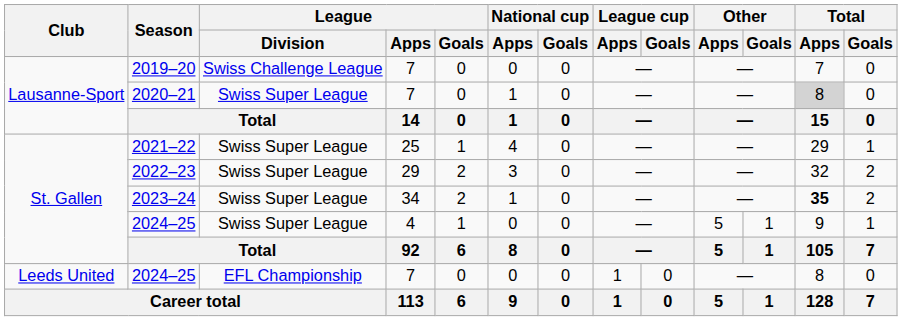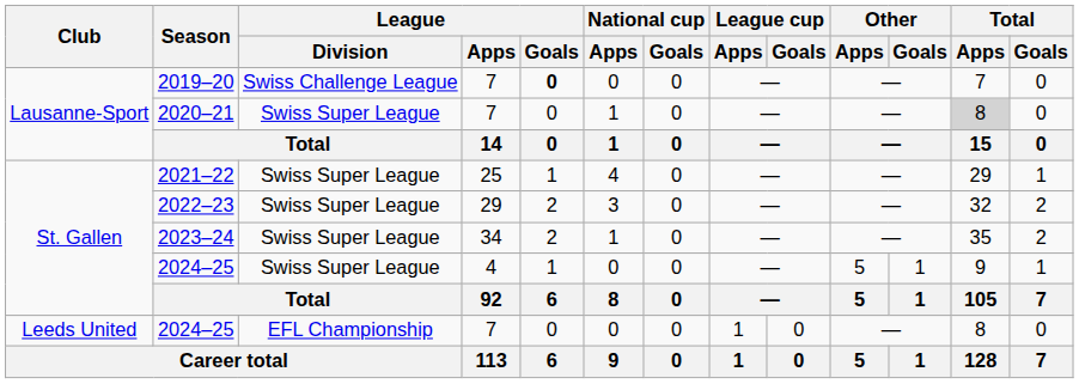 <table class="wikitable" style="text-align: center;">
 <tr>
 <th rowspan="2">Club</th>
 <th rowspan="2">Season</th>
 <th colspan="3">League</th>
 <th colspan="2">National cup</th>
 <th colspan="2">League cup</th>
 <th colspan="2">Other</th>
 <th colspan="2">Total</th>
 </tr>
 <tr>
 <th>Division</th>
 <th>Apps</th>
 <th>Goals</th>
 <th>Apps</th>
 <th>Goals</th>
 <th>Apps</th>
 <th>Goals</th>
 <th>Apps</th>
 <th>Goals</th>
 <th>Apps</th>
 <th>Goals</th>
 </tr>
 <tr>
 <td rowspan="3"><a href='#'>Lausanne-Sport</a></td>
 <td><a href='#'>2019–20</a></td>
 <td><a href='#'>Swiss Challenge League</a></td>
 <td>7</td>
-<td>0</td>
+<td><strong>0</strong></td>
 <td>0</td>
 <td>0</td>
 <td colspan="2">—</td>
 <td colspan="2">—</td>
 <td>7</td>
 <td>0</td>
 </tr>
 <tr>
 <td><a href='#'>2020–21</a></td>
 <td><a href='#'>Swiss Super League</a></td>
 <td>7</td>
 <td>0</td>
 <td>1</td>
 <td>0</td>
 <td colspan="2">—</td>
 <td colspan="2">—</td>
 <td style="background: lightgrey;">8</td>
 <td>0</td>
 </tr>
 <tr>
 <th colspan="2">Total</th>
 <th>14</th>
 <th>0</th>
 <th>1</th>
 <th>0</th>
 <th colspan="2">—</th>
 <th colspan="2">—</th>
 <th>15</th>
 <th>0</th>
 </tr>
 <tr>
 <td rowspan=5><a href='#'>St. Gallen</a></td>
 <td><a href='#'>2021–22</a></td>
 <td>Swiss Super League</td>
 <td>25</td>
 <td>1</td>
 <td>4</td>
 <td>0</td>
 <td colspan="2">—</td>
 <td colspan="2">—</td>
 <td>29</td>
 <td>1</td>
 </tr>
 <tr>
 <td><a href='#'>2022–23</a></td>
 <td>Swiss Super League</td>
 <td>29</td>
 <td>2</td>
 <td>3</td>
 <td>0</td>
 <td colspan="2">—</td>
 <td colspan="2">—</td>
 <td>32</td>
 <td>2</td>
 </tr>
 <tr>
 <td><a href='#'>2023–24</a></td>
 <td>Swiss Super League</td>
 <td>34</td>
 <td>2</td>
 <td>1</td>
 <td>0</td>
 <td colspan="2">—</td>
 <td colspan="2">—</td>
-<td><strong>35</strong></td>
+<td>35</td>
 <td>2</td>
 </tr>
 <tr>
 <td><a href='#'>2024–25</a></td>
 <td>Swiss Super League</td>
 <td>4</td>
 <td>1</td>
 <td>0</td>
 <td>0</td>
 <td colspan="2">—</td>
 <td>5</td>
 <td>1</td>
 <td>9</td>
 <td>1</td>
 </tr>
 <tr>
 <th colspan="2">Total</th>
 <th>92</th>
 <th>6</th>
 <th>8</th>
 <th>0</th>
 <th colspan="2">—</th>
 <th>5</th>
 <th>1</th>
 <th>105</th>
 <th>7</th>
 </tr>
 <tr>
 <td><a href='#'>Leeds United</a></td>
 <td><a href='#'>2024–25</a></td>
 <td><a href='#'>EFL Championship</a></td>
 <td>7</td>
 <td>0</td>
 <td>0</td>
 <td>0</td>
 <td>1</td>
 <td>0</td>
 <td colspan="2">—</td>
 <td>8</td>
 <td>0</td>
 </tr>
 <tr>
 <th colspan="3">Career total</th>
 <th>113</th>
 <th>6</th>
 <th>9</th>
 <th>0</th>
 <th>1</th>
 <th>0</th>
 <th>5</th>
 <th>1</th>
 <th>128</th>
 <th>7</th>
 </tr>
 </table>
